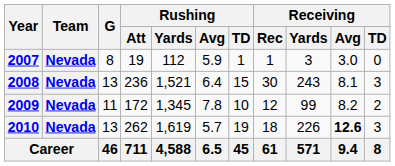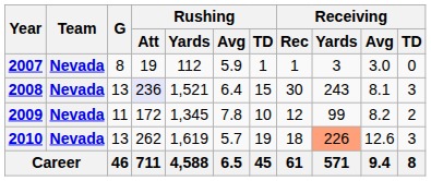 <table class="wikitable" style="text-align:center">
 <tr align=center>
 <th rowspan="2">Year</th>
 <th rowspan="2">Team</th>
 <th rowspan="2">G</th>
 <th colspan="4">Rushing</th>
 <th colspan="4">Receiving</th>
 </tr>
 <tr>
 <th>Att</th>
 <th>Yards</th>
 <th>Avg</th>
 <th>TD</th>
 <th>Rec</th>
 <th>Yards</th>
 <th>Avg</th>
 <th>TD</th>
 </tr>
 <tr>
 <th><a href='#'>2007</a></th>
 <th><a href='#'>Nevada</a></th>
 <td>8</td>
 <td>19</td>
 <td>112</td>
 <td>5.9</td>
 <td>1</td>
 <td>1</td>
 <td>3</td>
 <td>3.0</td>
 <td>0</td>
 </tr>
 <tr>
 <th><a href='#'>2008</a></th>
 <th><a href='#'>Nevada</a></th>
 <td>13</td>
-<td>236</td>
+<td style="background: lavender;">236</td>
 <td>1,521</td>
 <td>6.4</td>
 <td>15</td>
 <td>30</td>
 <td>243</td>
 <td>8.1</td>
 <td>3</td>
 </tr>
 <tr>
 <th><a href='#'>2009</a></th>
 <th><a href='#'>Nevada</a></th>
 <td>11</td>
 <td>172</td>
 <td>1,345</td>
 <td>7.8</td>
 <td>10</td>
 <td>12</td>
 <td>99</td>
 <td>8.2</td>
 <td>2</td>
 </tr>
 <tr>
 <th><a href='#'>2010</a></th>
 <th><a href='#'>Nevada</a></th>
 <td>13</td>
 <td>262</td>
 <td>1,619</td>
 <td>5.7</td>
 <td>19</td>
 <td>18</td>
-<td>226</td>
-<td><strong>12.6</strong></td>
+<td style="background: lightsalmon;">226</td>
+<td>12.6</td>
 <td>3</td>
 </tr>
 <tr>
 <th colspan="2">Career</th>
 <th>46</th>
 <th>711</th>
 <th>4,588</th>
 <th>6.5</th>
 <th>45</th>
 <th>61</th>
 <th>571</th>
 <th>9.4</th>
 <th>8</th>
 </tr>
 </table>
